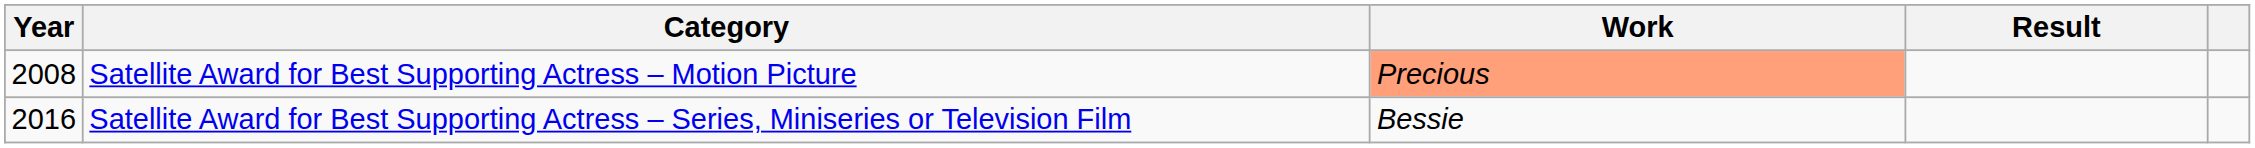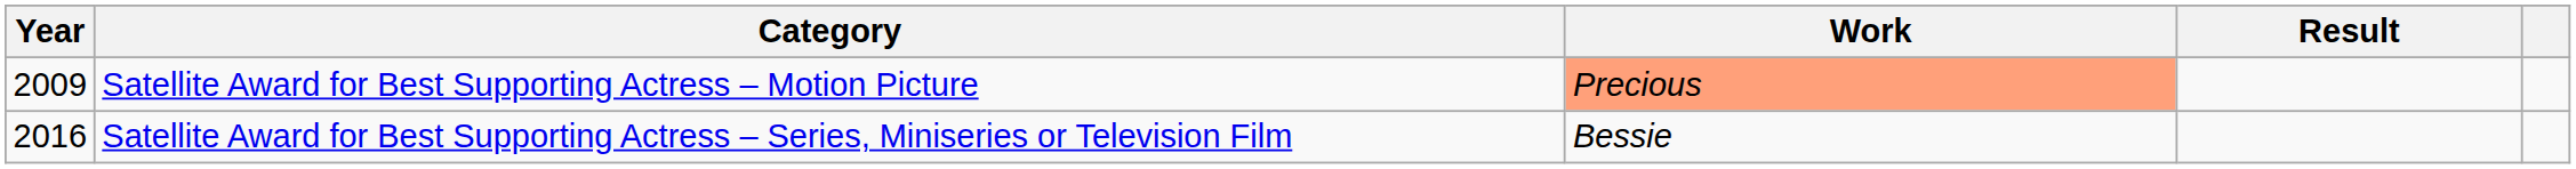 <table class="wikitable">
 <tr>
 <th scope="col" style="width:1em;">Year</th>
 <th scope="col" style="width:44em;">Category</th>
 <th scope="col" style="width:18em;">Work</th>
 <th scope="col" style="width:10em;">Result</th>
 <th class="unsortable" style="width:1em;"></th>
 </tr>
 <tr>
-<td>2008</td>
+<td>2009</td>
 <td><a href='#'>Satellite Award for Best Supporting Actress – Motion Picture</a></td>
 <td style="background: lightsalmon;"><em>Precious</em></td>
 <td></td>
 <td></td>
 </tr>
 <tr>
 <td>2016</td>
 <td><a href='#'>Satellite Award for Best Supporting Actress – Series, Miniseries or Television Film</a> </td>
 <td><em>Bessie</em></td>
 <td></td>
 <td></td>
 </tr>
 </table>
